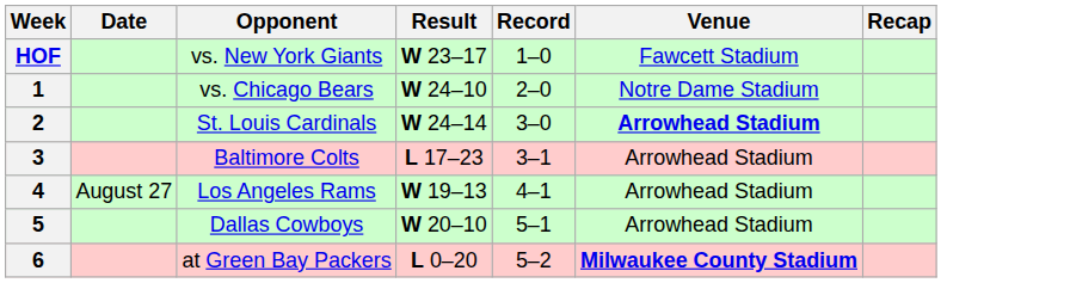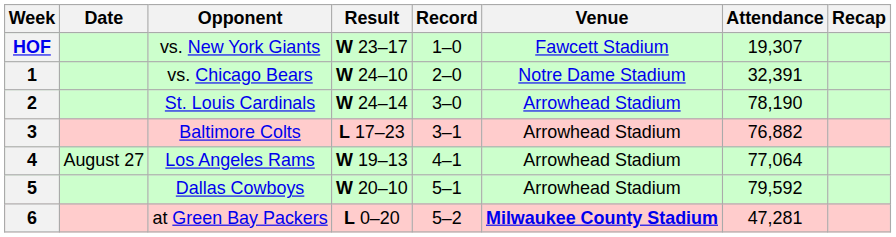 <table class="wikitable" style="text-align:center">
 <tr>
 <th>Week</th>
 <th>Date</th>
 <th>Opponent</th>
 <th>Result</th>
 <th>Record</th>
 <th>Venue</th>
+<th>Attendance</th>
 <th>Recap</th>
 </tr>
 <tr style="background:#cfc">
 <th><a href='#'>HOF</a></th>
 <td></td>
 <td>vs. <a href='#'>New York Giants</a></td>
 <td><strong>W</strong> 23–17</td>
 <td>1–0</td>
 <td><a href='#'>Fawcett Stadium</a> </td>
+<td>19,307</td>
 <td></td>
 </tr>
 <tr style="background:#cfc">
 <th>1</th>
 <td></td>
 <td>vs. <a href='#'>Chicago Bears</a></td>
 <td><strong>W</strong> 24–10</td>
 <td>2–0</td>
 <td><a href='#'>Notre Dame Stadium</a> </td>
+<td>32,391</td>
 <td></td>
 </tr>
 <tr style="background:#cfc">
 <th>2</th>
 <td></td>
 <td><a href='#'>St. Louis Cardinals</a></td>
 <td><strong>W</strong> 24–14</td>
 <td>3–0</td>
-<td><strong><a href='#'>Arrowhead Stadium</a></strong></td>
+<td><a href='#'>Arrowhead Stadium</a></td>
+<td>78,190</td>
 <td></td>
 </tr>
 <tr style="background:#fcc">
 <th>3</th>
 <td></td>
 <td><a href='#'>Baltimore Colts</a></td>
 <td><strong>L</strong> 17–23</td>
 <td>3–1</td>
 <td>Arrowhead Stadium</td>
+<td>76,882</td>
 <td></td>
 </tr>
 <tr style="background:#cfc">
 <th>4</th>
 <td>August 27</td>
 <td><a href='#'>Los Angeles Rams</a></td>
 <td><strong>W</strong> 19–13</td>
 <td>4–1</td>
 <td>Arrowhead Stadium</td>
+<td>77,064</td>
 <td></td>
 </tr>
 <tr style="background:#cfc">
 <th>5</th>
 <td></td>
 <td><a href='#'>Dallas Cowboys</a></td>
 <td><strong>W</strong> 20–10</td>
 <td>5–1</td>
 <td>Arrowhead Stadium</td>
+<td>79,592</td>
 <td></td>
 </tr>
 <tr style="background:#fcc">
 <th>6</th>
 <td></td>
 <td>at <a href='#'>Green Bay Packers</a></td>
 <td><strong>L</strong> 0–20</td>
 <td>5–2</td>
 <td><strong><a href='#'>Milwaukee County Stadium</a></strong></td>
+<td>47,281</td>
 <td></td>
 </tr>
 </table>
